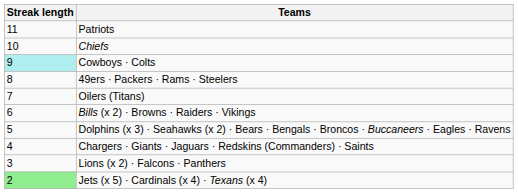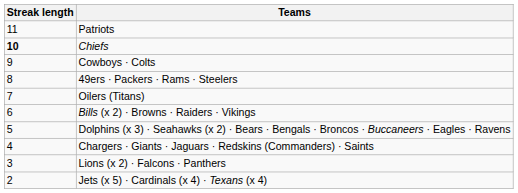 <table class="wikitable">
 <tr>
 <th><strong>Streak length</strong></th>
 <th><strong>Teams</strong></th>
 </tr>
 <tr>
 <td>11</td>
 <td>Patriots</td>
 </tr>
 <tr>
-<td>10</td>
+<td><strong>10</strong></td>
 <td><em>Chiefs</em></td>
 </tr>
 <tr>
-<td style="background: paleturquoise;">9</td>
+<td>9</td>
 <td>Cowboys · Colts</td>
 </tr>
 <tr>
 <td>8</td>
 <td>49ers · Packers · Rams · Steelers</td>
 </tr>
 <tr>
 <td>7</td>
 <td>Oilers (Titans)</td>
 </tr>
 <tr>
 <td>6</td>
 <td><em>Bills</em> (x 2) · Browns · Raiders · Vikings</td>
 </tr>
 <tr>
 <td>5</td>
 <td>Dolphins (x 3) · Seahawks (x 2) · Bears · Bengals · Broncos · <em>Buccaneers</em> · Eagles · Ravens</td>
 </tr>
 <tr>
 <td>4</td>
 <td>Chargers · Giants · Jaguars · Redskins (Commanders) · Saints</td>
 </tr>
 <tr>
 <td>3</td>
 <td>Lions (x 2) · Falcons · Panthers</td>
 </tr>
 <tr>
-<td style="background: lightgreen;">2</td>
+<td>2</td>
 <td>Jets (x 5) · Cardinals (x 4) · <em>Texans</em> (x 4)</td>
 </tr>
 </table>
